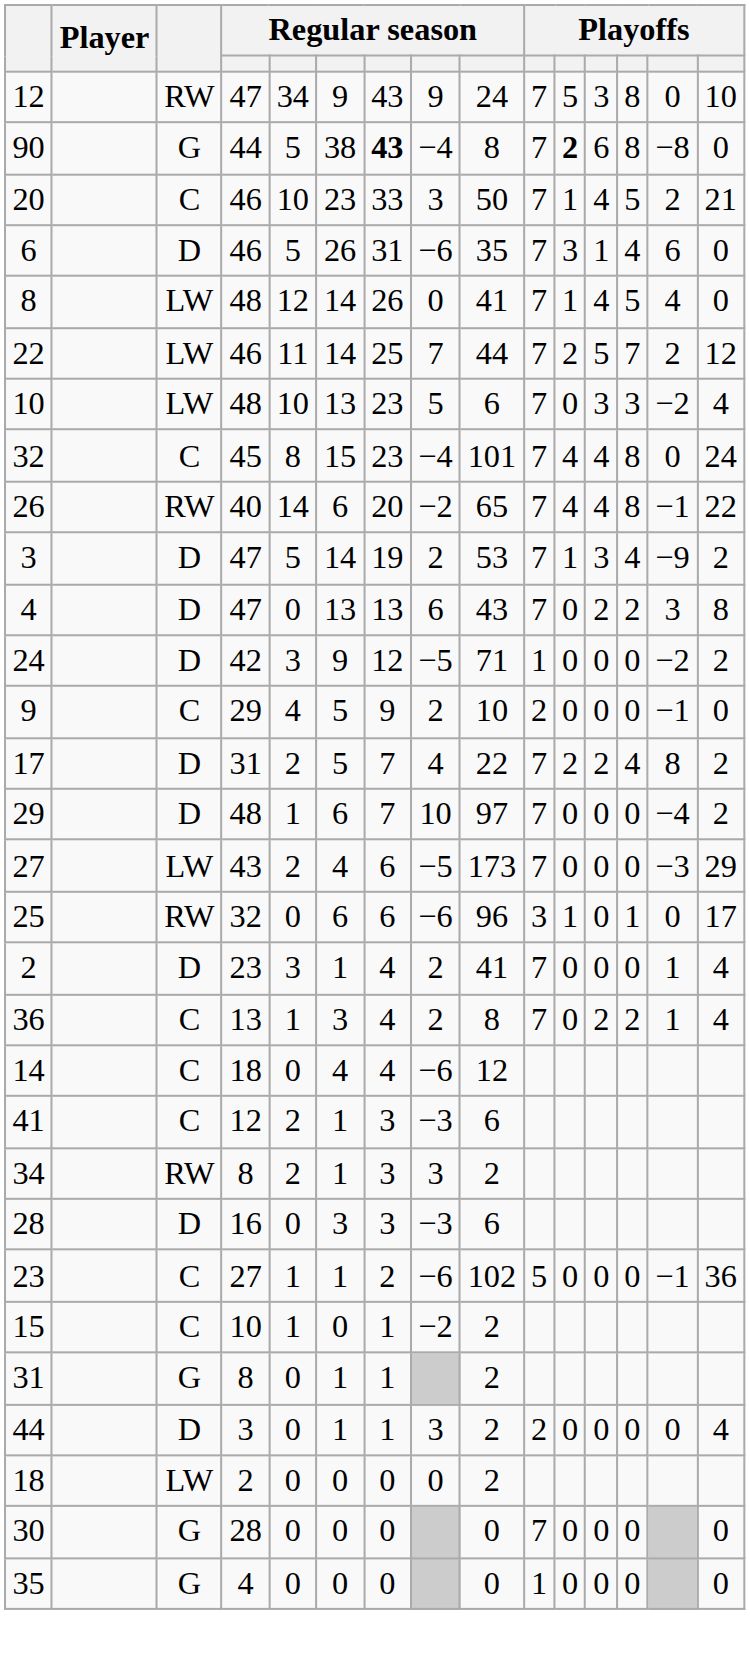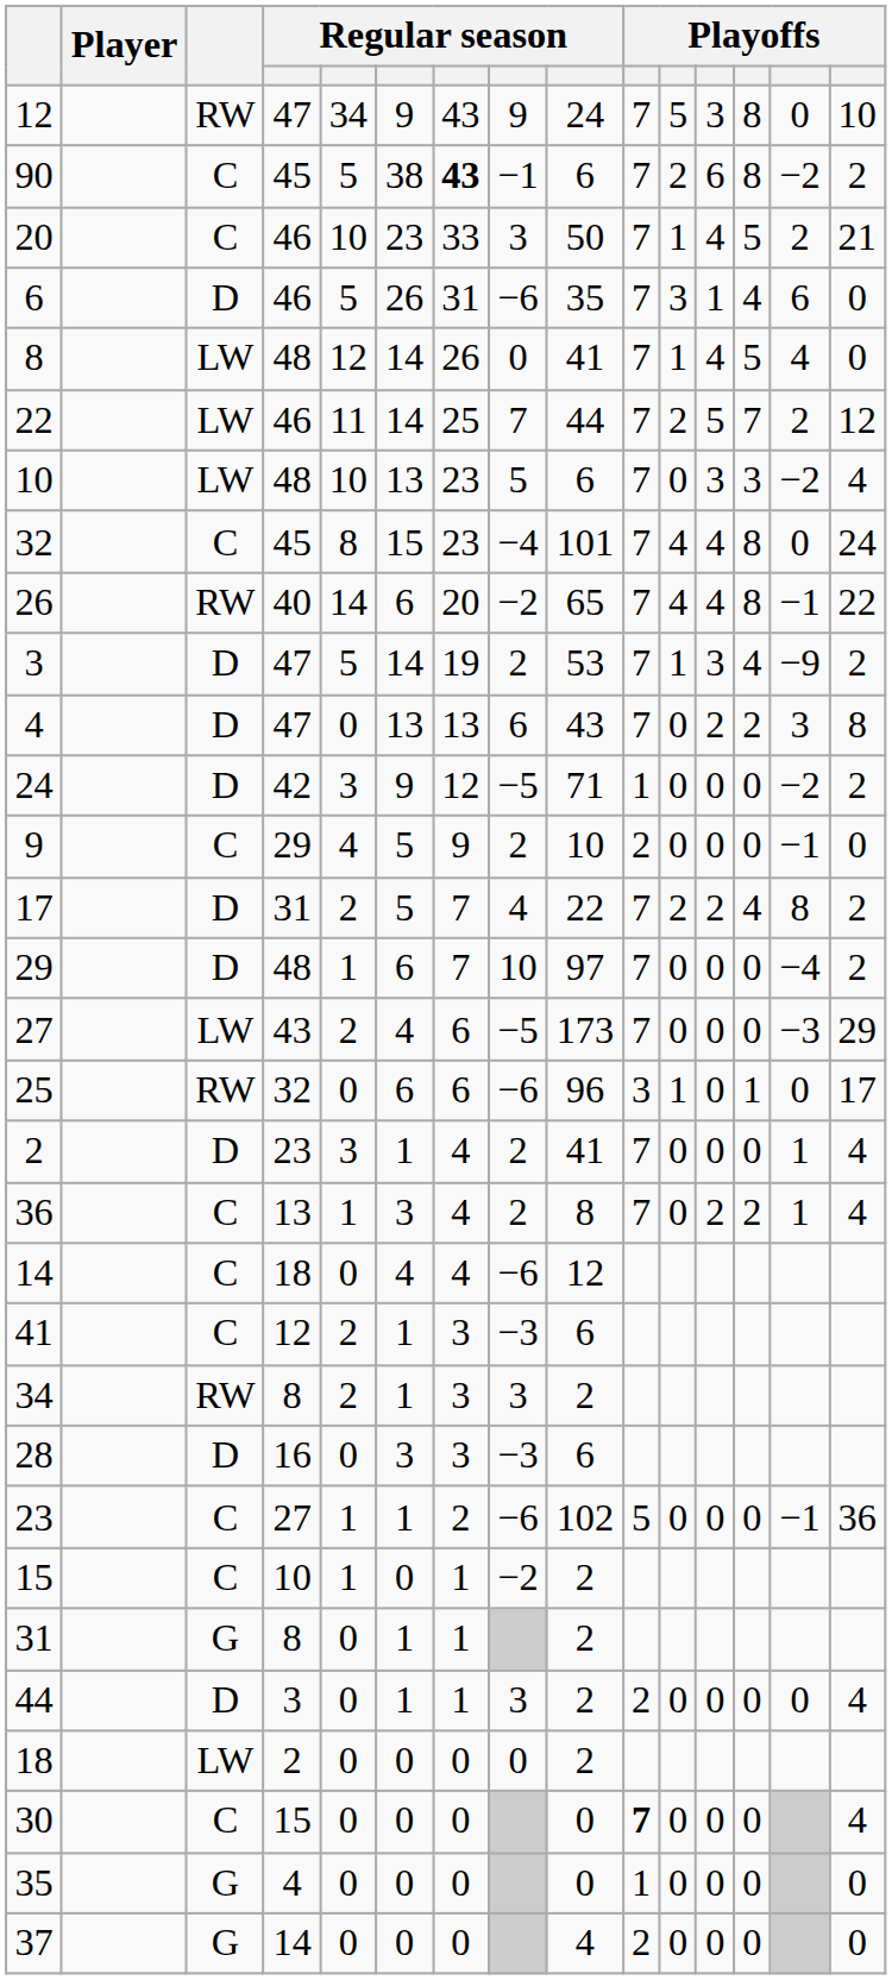 <table class="wikitable sortable plainrowheaders" style="text-align:center;">
 <tr>
 <th scope="col" data-sort-type="number" rowspan="2"></th>
 <th scope="col" rowspan="2">Player</th>
 <th scope="col" rowspan="2"></th>
 <th scope=colgroup colspan=6>Regular season</th>
 <th scope=colgroup colspan=6>Playoffs</th>
 </tr>
 <tr>
 <th scope="col" data-sort-type="number"></th>
 <th scope="col" data-sort-type="number"></th>
 <th scope="col" data-sort-type="number"></th>
 <th scope="col" data-sort-type="number"></th>
 <th scope="col" data-sort-type="number"></th>
 <th scope="col" data-sort-type="number"></th>
 <th scope="col" data-sort-type="number"></th>
 <th scope="col" data-sort-type="number"></th>
 <th scope="col" data-sort-type="number"></th>
 <th scope="col" data-sort-type="number"></th>
 <th scope="col" data-sort-type="number"></th>
 <th scope="col" data-sort-type="number"></th>
 </tr>
 <tr>
 <td scope="row">12</td>
 <td align="left"></td>
 <td>RW</td>
 <td>47</td>
 <td>34</td>
 <td>9</td>
 <td>43</td>
 <td>9</td>
 <td>24</td>
 <td>7</td>
 <td>5</td>
 <td>3</td>
 <td>8</td>
 <td>0</td>
 <td>10</td>
 </tr>
 <tr>
 <td scope="row">90</td>
 <td align="left"></td>
-<td>G</td>
-<td>44</td>
+<td>C</td>
+<td>45</td>
 <td>5</td>
 <td>38</td>
 <td><strong>43</strong></td>
-<td>−4</td>
-<td>8</td>
+<td>−1</td>
+<td>6</td>
 <td>7</td>
-<td><strong>2</strong></td>
+<td>2</td>
 <td>6</td>
 <td>8</td>
-<td>−8</td>
-<td>0</td>
+<td>−2</td>
+<td>2</td>
 </tr>
 <tr>
 <td scope="row">20</td>
 <td align="left"></td>
 <td>C</td>
 <td>46</td>
 <td>10</td>
 <td>23</td>
 <td>33</td>
 <td>3</td>
 <td>50</td>
 <td>7</td>
 <td>1</td>
 <td>4</td>
 <td>5</td>
 <td>2</td>
 <td>21</td>
 </tr>
 <tr>
 <td scope="row">6</td>
 <td align="left"></td>
 <td>D</td>
 <td>46</td>
 <td>5</td>
 <td>26</td>
 <td>31</td>
 <td>−6</td>
 <td>35</td>
 <td>7</td>
 <td>3</td>
 <td>1</td>
 <td>4</td>
 <td>6</td>
 <td>0</td>
 </tr>
 <tr>
 <td scope="row">8</td>
 <td align="left"></td>
 <td>LW</td>
 <td>48</td>
 <td>12</td>
 <td>14</td>
 <td>26</td>
 <td>0</td>
 <td>41</td>
 <td>7</td>
 <td>1</td>
 <td>4</td>
 <td>5</td>
 <td>4</td>
 <td>0</td>
 </tr>
 <tr>
 <td scope="row">22</td>
 <td align="left"></td>
 <td>LW</td>
 <td>46</td>
 <td>11</td>
 <td>14</td>
 <td>25</td>
 <td>7</td>
 <td>44</td>
 <td>7</td>
 <td>2</td>
 <td>5</td>
 <td>7</td>
 <td>2</td>
 <td>12</td>
 </tr>
 <tr>
 <td scope="row">10</td>
 <td align="left"></td>
 <td>LW</td>
 <td>48</td>
 <td>10</td>
 <td>13</td>
 <td>23</td>
 <td>5</td>
 <td>6</td>
 <td>7</td>
 <td>0</td>
 <td>3</td>
 <td>3</td>
 <td>−2</td>
 <td>4</td>
 </tr>
 <tr>
 <td scope="row">32</td>
 <td align="left"></td>
 <td>C</td>
 <td>45</td>
 <td>8</td>
 <td>15</td>
 <td>23</td>
 <td>−4</td>
 <td>101</td>
 <td>7</td>
 <td>4</td>
 <td>4</td>
 <td>8</td>
 <td>0</td>
 <td>24</td>
 </tr>
 <tr>
 <td scope="row">26</td>
 <td align="left"></td>
 <td>RW</td>
 <td>40</td>
 <td>14</td>
 <td>6</td>
 <td>20</td>
 <td>−2</td>
 <td>65</td>
 <td>7</td>
 <td>4</td>
 <td>4</td>
 <td>8</td>
 <td>−1</td>
 <td>22</td>
 </tr>
 <tr>
 <td scope="row">3</td>
 <td align="left"></td>
 <td>D</td>
 <td>47</td>
 <td>5</td>
 <td>14</td>
 <td>19</td>
 <td>2</td>
 <td>53</td>
 <td>7</td>
 <td>1</td>
 <td>3</td>
 <td>4</td>
 <td>−9</td>
 <td>2</td>
 </tr>
 <tr>
 <td scope="row">4</td>
 <td align="left"></td>
 <td>D</td>
 <td>47</td>
 <td>0</td>
 <td>13</td>
 <td>13</td>
 <td>6</td>
 <td>43</td>
 <td>7</td>
 <td>0</td>
 <td>2</td>
 <td>2</td>
 <td>3</td>
 <td>8</td>
 </tr>
 <tr>
 <td scope="row">24</td>
 <td align="left"></td>
 <td>D</td>
 <td>42</td>
 <td>3</td>
 <td>9</td>
 <td>12</td>
 <td>−5</td>
 <td>71</td>
 <td>1</td>
 <td>0</td>
 <td>0</td>
 <td>0</td>
 <td>−2</td>
 <td>2</td>
 </tr>
 <tr>
 <td scope="row">9</td>
 <td align="left"></td>
 <td>C</td>
 <td>29</td>
 <td>4</td>
 <td>5</td>
 <td>9</td>
 <td>2</td>
 <td>10</td>
 <td>2</td>
 <td>0</td>
 <td>0</td>
 <td>0</td>
 <td>−1</td>
 <td>0</td>
 </tr>
 <tr>
 <td scope="row">17</td>
 <td align="left"></td>
 <td>D</td>
 <td>31</td>
 <td>2</td>
 <td>5</td>
 <td>7</td>
 <td>4</td>
 <td>22</td>
 <td>7</td>
 <td>2</td>
 <td>2</td>
 <td>4</td>
 <td>8</td>
 <td>2</td>
 </tr>
 <tr>
 <td scope="row">29</td>
 <td align="left"></td>
 <td>D</td>
 <td>48</td>
 <td>1</td>
 <td>6</td>
 <td>7</td>
 <td>10</td>
 <td>97</td>
 <td>7</td>
 <td>0</td>
 <td>0</td>
 <td>0</td>
 <td>−4</td>
 <td>2</td>
 </tr>
 <tr>
 <td scope="row">27</td>
 <td align="left"></td>
 <td>LW</td>
 <td>43</td>
 <td>2</td>
 <td>4</td>
 <td>6</td>
 <td>−5</td>
 <td>173</td>
 <td>7</td>
 <td>0</td>
 <td>0</td>
 <td>0</td>
 <td>−3</td>
 <td>29</td>
 </tr>
 <tr>
 <td scope="row">25</td>
 <td align="left"></td>
 <td>RW</td>
 <td>32</td>
 <td>0</td>
 <td>6</td>
 <td>6</td>
 <td>−6</td>
 <td>96</td>
 <td>3</td>
 <td>1</td>
 <td>0</td>
 <td>1</td>
 <td>0</td>
 <td>17</td>
 </tr>
 <tr>
 <td scope="row">2</td>
 <td align="left"></td>
 <td>D</td>
 <td>23</td>
 <td>3</td>
 <td>1</td>
 <td>4</td>
 <td>2</td>
 <td>41</td>
 <td>7</td>
 <td>0</td>
 <td>0</td>
 <td>0</td>
 <td>1</td>
 <td>4</td>
 </tr>
 <tr>
 <td scope="row">36</td>
 <td align="left"></td>
 <td>C</td>
 <td>13</td>
 <td>1</td>
 <td>3</td>
 <td>4</td>
 <td>2</td>
 <td>8</td>
 <td>7</td>
 <td>0</td>
 <td>2</td>
 <td>2</td>
 <td>1</td>
 <td>4</td>
 </tr>
 <tr>
 <td scope="row">14</td>
 <td align="left"></td>
 <td>C</td>
 <td>18</td>
 <td>0</td>
 <td>4</td>
 <td>4</td>
 <td>−6</td>
 <td>12</td>
 <td></td>
 <td></td>
 <td></td>
 <td></td>
 <td></td>
 <td></td>
 </tr>
 <tr>
 <td scope="row">41</td>
 <td align="left"></td>
 <td>C</td>
 <td>12</td>
 <td>2</td>
 <td>1</td>
 <td>3</td>
 <td>−3</td>
 <td>6</td>
 <td></td>
 <td></td>
 <td></td>
 <td></td>
 <td></td>
 <td></td>
 </tr>
 <tr>
 <td scope="row">34</td>
 <td align="left"></td>
 <td>RW</td>
 <td>8</td>
 <td>2</td>
 <td>1</td>
 <td>3</td>
 <td>3</td>
 <td>2</td>
 <td></td>
 <td></td>
 <td></td>
 <td></td>
 <td></td>
 <td></td>
 </tr>
 <tr>
 <td scope="row">28</td>
 <td align="left"></td>
 <td>D</td>
 <td>16</td>
 <td>0</td>
 <td>3</td>
 <td>3</td>
 <td>−3</td>
 <td>6</td>
 <td></td>
 <td></td>
 <td></td>
 <td></td>
 <td></td>
 <td></td>
 </tr>
 <tr>
 <td scope="row">23</td>
 <td align="left"></td>
 <td>C</td>
 <td>27</td>
 <td>1</td>
 <td>1</td>
 <td>2</td>
 <td>−6</td>
 <td>102</td>
 <td>5</td>
 <td>0</td>
 <td>0</td>
 <td>0</td>
 <td>−1</td>
 <td>36</td>
 </tr>
 <tr>
 <td scope="row">15</td>
 <td align="left"></td>
 <td>C</td>
 <td>10</td>
 <td>1</td>
 <td>0</td>
 <td>1</td>
 <td>−2</td>
 <td>2</td>
 <td></td>
 <td></td>
 <td></td>
 <td></td>
 <td></td>
 <td></td>
 </tr>
 <tr>
 <td scope="row">31</td>
 <td align="left"></td>
 <td>G</td>
 <td>8</td>
 <td>0</td>
 <td>1</td>
 <td>1</td>
 <td style="background:#ccc"></td>
 <td>2</td>
 <td></td>
 <td></td>
 <td></td>
 <td></td>
 <td></td>
 <td></td>
 </tr>
 <tr>
 <td scope="row">44</td>
 <td align="left"></td>
 <td>D</td>
 <td>3</td>
 <td>0</td>
 <td>1</td>
 <td>1</td>
 <td>3</td>
 <td>2</td>
 <td>2</td>
 <td>0</td>
 <td>0</td>
 <td>0</td>
 <td>0</td>
 <td>4</td>
 </tr>
 <tr>
 <td scope="row">18</td>
 <td align="left"></td>
 <td>LW</td>
 <td>2</td>
 <td>0</td>
 <td>0</td>
 <td>0</td>
 <td>0</td>
 <td>2</td>
 <td></td>
 <td></td>
 <td></td>
 <td></td>
 <td></td>
 <td></td>
 </tr>
 <tr>
 <td scope="row">30</td>
 <td align="left"></td>
-<td>G</td>
-<td>28</td>
+<td>C</td>
+<td>15</td>
 <td>0</td>
 <td>0</td>
 <td>0</td>
 <td style="background:#ccc"></td>
 <td>0</td>
-<td>7</td>
+<td><strong>7</strong></td>
 <td>0</td>
 <td>0</td>
 <td>0</td>
 <td style="background:#ccc"></td>
-<td>0</td>
+<td>4</td>
 </tr>
 <tr>
 <td scope="row">35</td>
 <td align="left"></td>
 <td>G</td>
 <td>4</td>
 <td>0</td>
 <td>0</td>
 <td>0</td>
 <td style="background:#ccc"></td>
 <td>0</td>
 <td>1</td>
 <td>0</td>
 <td>0</td>
 <td>0</td>
 <td style="background:#ccc"></td>
 <td>0</td>
 </tr>
+<tr>
+<td scope="row">37</td>
+<td align="left"></td>
+<td>G</td>
+<td>14</td>
+<td>0</td>
+<td>0</td>
+<td>0</td>
+<td style="background:#ccc"></td>
+<td>4</td>
+<td>2</td>
+<td>0</td>
+<td>0</td>
+<td>0</td>
+<td style="background:#ccc"></td>
+<td>0</td>
+</tr>
 </table>
